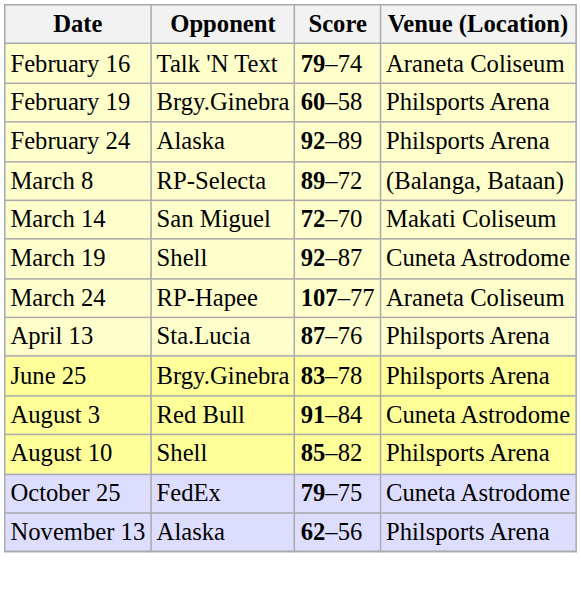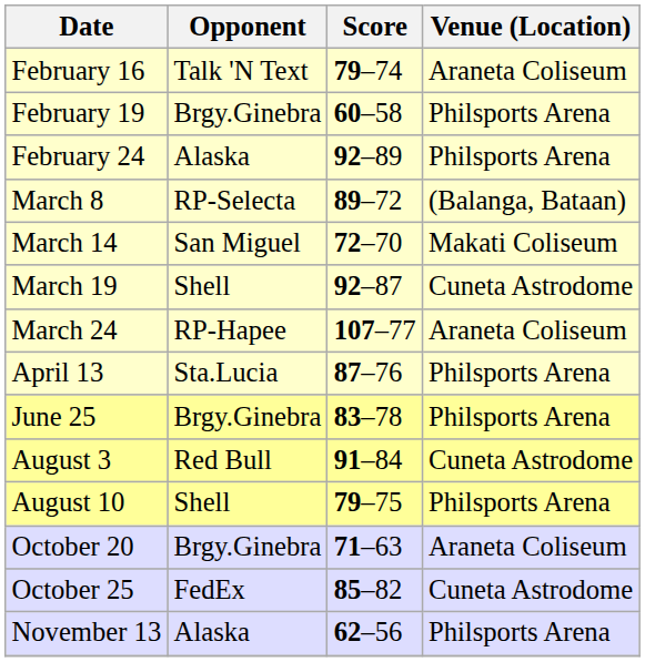 <table class="wikitable sortable sortable">
 <tr>
 <th>Date</th>
 <th>Opponent</th>
 <th>Score</th>
 <th>Venue (Location)</th>
 </tr>
 <tr bgcolor=#FFFFCC>
 <td>February 16</td>
 <td>Talk 'N Text</td>
 <td><strong>79</strong>–74</td>
 <td>Araneta Coliseum </td>
 </tr>
 <tr bgcolor=#FFFFCC>
 <td>February 19</td>
 <td>Brgy.Ginebra</td>
 <td><strong>60</strong>–58</td>
 <td>Philsports Arena</td>
 </tr>
 <tr bgcolor=#FFFFCC>
 <td>February 24</td>
 <td>Alaska</td>
 <td><strong>92</strong>–89</td>
 <td>Philsports Arena</td>
 </tr>
 <tr bgcolor=#FFFFCC>
 <td>March 8</td>
 <td>RP-Selecta</td>
 <td><strong>89</strong>–72</td>
 <td>(Balanga, Bataan) </td>
 </tr>
 <tr bgcolor=#FFFFCC>
 <td>March 14</td>
 <td>San Miguel</td>
 <td><strong>72</strong>–70</td>
 <td>Makati Coliseum</td>
 </tr>
 <tr bgcolor=#FFFFCC>
 <td>March 19</td>
 <td>Shell</td>
 <td><strong>92</strong>–87</td>
 <td>Cuneta Astrodome</td>
 </tr>
 <tr bgcolor=#FFFFCC>
 <td>March 24</td>
 <td>RP-Hapee</td>
 <td><strong>107</strong>–77</td>
 <td>Araneta Coliseum</td>
 </tr>
 <tr bgcolor=#FFFFCC>
 <td>April 13</td>
 <td>Sta.Lucia</td>
 <td><strong>87</strong>–76</td>
 <td>Philsports Arena</td>
 </tr>
 <tr bgcolor=#FFFF99>
 <td>June 25</td>
 <td>Brgy.Ginebra</td>
 <td><strong>83</strong>–78</td>
 <td>Philsports Arena</td>
 </tr>
 <tr bgcolor=#FFFF99>
 <td>August 3</td>
 <td>Red Bull</td>
 <td><strong>91</strong>–84</td>
 <td>Cuneta Astrodome </td>
 </tr>
 <tr bgcolor=#FFFF99>
 <td>August 10</td>
 <td>Shell</td>
-<td><strong>85</strong>–82</td>
+<td><strong>79</strong>–75</td>
 <td>Philsports Arena</td>
+</tr>
+<tr bgcolor=#DDDDFF>
+<td>October 20</td>
+<td>Brgy.Ginebra</td>
+<td><strong>71</strong>–63</td>
+<td>Araneta Coliseum</td>
 </tr>
 <tr bgcolor=#DDDDFF>
 <td>October 25</td>
 <td>FedEx</td>
-<td><strong>79</strong>–75</td>
+<td><strong>85</strong>–82</td>
 <td>Cuneta Astrodome</td>
 </tr>
 <tr bgcolor=#DDDDFF>
 <td>November 13</td>
 <td>Alaska</td>
 <td><strong>62</strong>–56</td>
 <td>Philsports Arena</td>
 </tr>
 <tr>
 </tr>
 </table>
